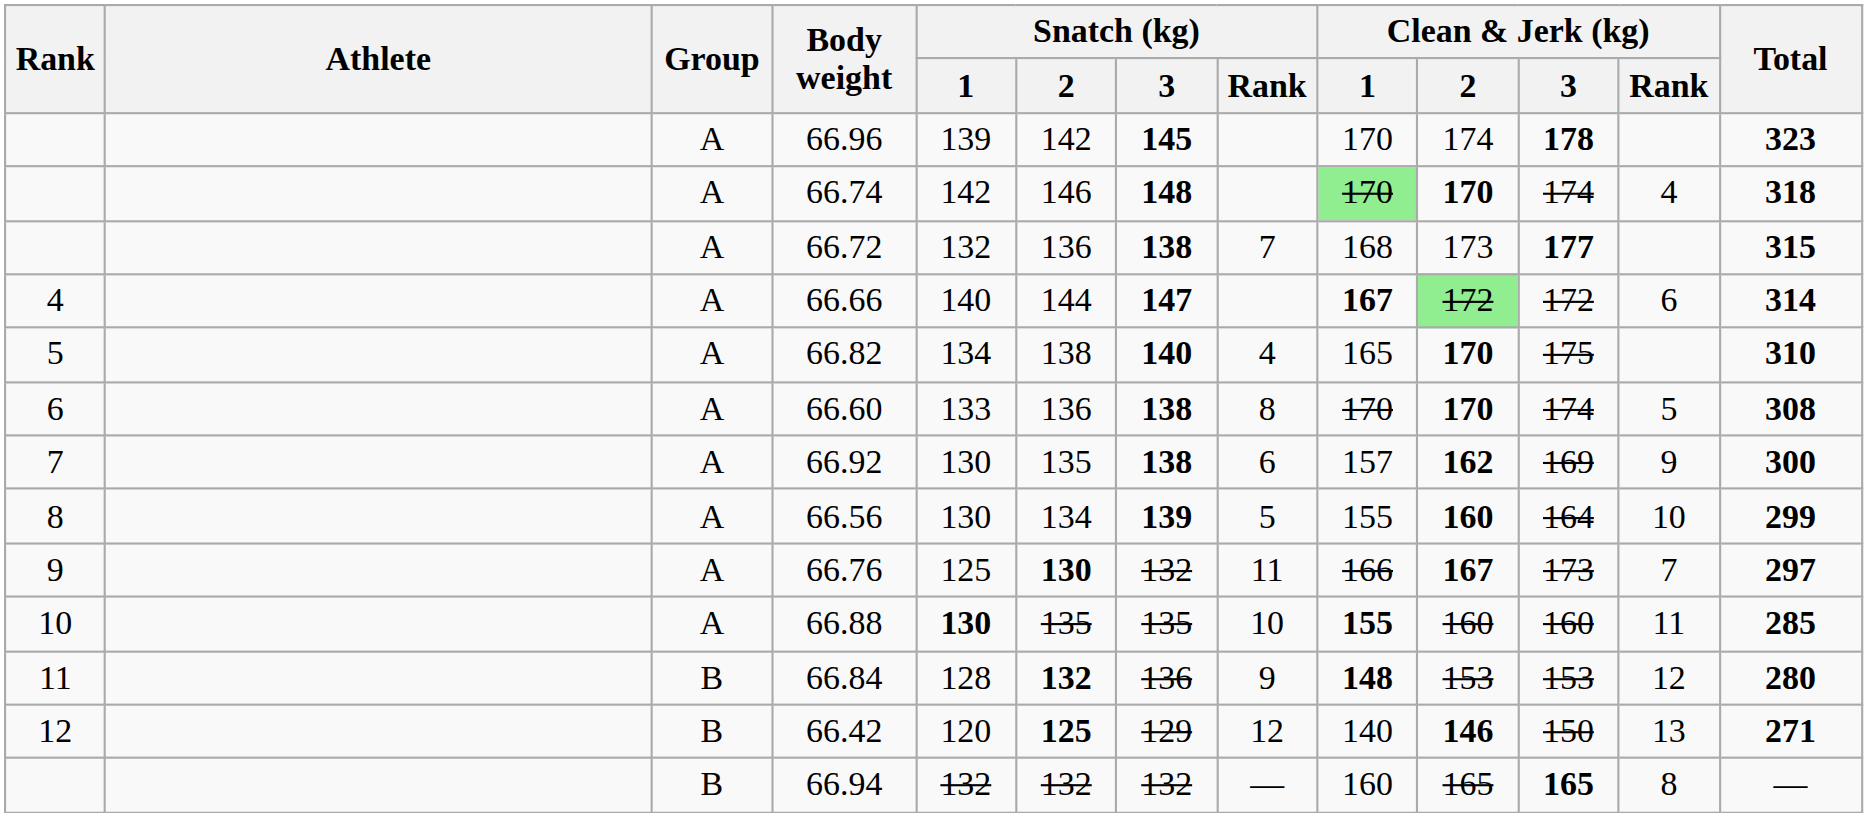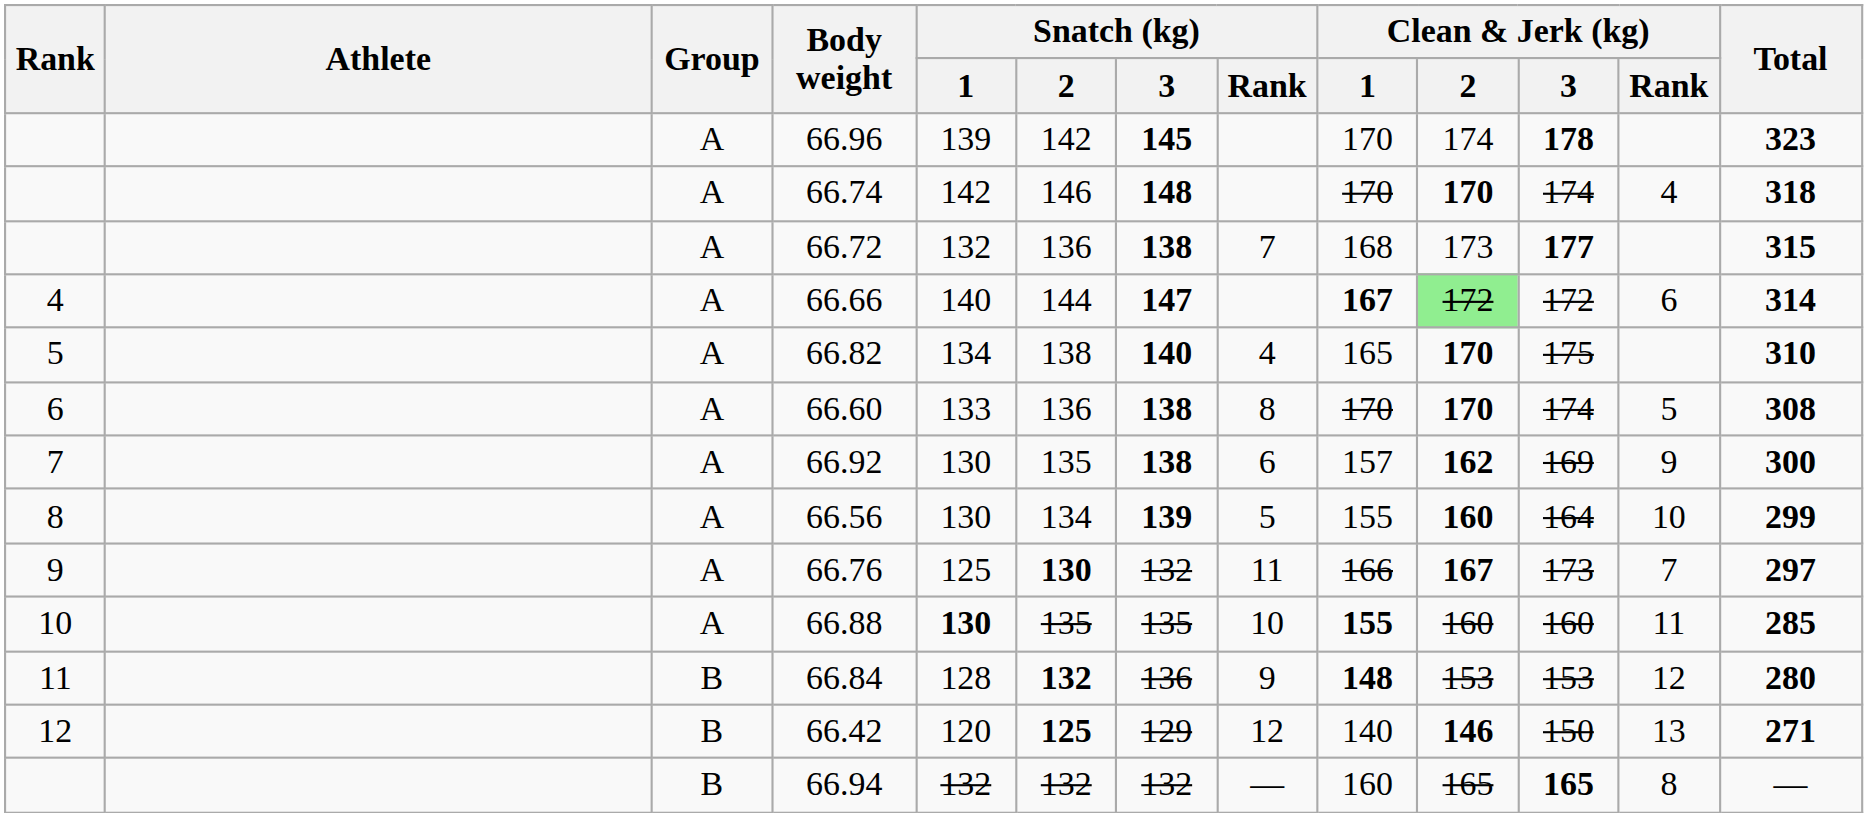 <table class = "wikitable" style="text-align:center;">
 <tr>
 <th rowspan=2 width=40>Rank</th>
 <th rowspan=2 width=250>Athlete</th>
 <th rowspan=2 width=50>Group</th>
 <th rowspan=2 width=60>Body weight</th>
 <th colspan=4>Snatch (kg)</th>
 <th colspan=4>Clean & Jerk (kg)</th>
 <th rowspan=2 width=60>Total</th>
 </tr>
 <tr>
 <th width=40>1</th>
 <th width=40>2</th>
 <th width=40>3</th>
 <th width=40>Rank</th>
 <th width=40>1</th>
 <th width=40>2</th>
 <th width=40>3</th>
 <th width=40>Rank</th>
 </tr>
 <tr>
 <td></td>
 <td align=left></td>
 <td>A</td>
 <td>66.96</td>
 <td>139</td>
 <td>142</td>
 <td><strong>145</strong></td>
 <td></td>
 <td>170</td>
 <td>174</td>
 <td><strong>178</strong></td>
 <td></td>
 <td><strong>323</strong></td>
 </tr>
 <tr>
 <td></td>
 <td align=left></td>
 <td>A</td>
 <td>66.74</td>
 <td>142</td>
 <td>146</td>
 <td><strong>148</strong></td>
 <td></td>
-<td style="background: lightgreen;"><s>170</s></td>
+<td><s>170</s></td>
 <td><strong>170</strong></td>
 <td><s>174</s></td>
 <td>4</td>
 <td><strong>318</strong></td>
 </tr>
 <tr>
 <td></td>
 <td align=left></td>
 <td>A</td>
 <td>66.72</td>
 <td>132</td>
 <td>136</td>
 <td><strong>138</strong></td>
 <td>7</td>
 <td>168</td>
 <td>173</td>
 <td><strong>177</strong></td>
 <td></td>
 <td><strong>315</strong></td>
 </tr>
 <tr>
 <td>4</td>
 <td align=left></td>
 <td>A</td>
 <td>66.66</td>
 <td>140</td>
 <td>144</td>
 <td><strong>147</strong></td>
 <td></td>
 <td><strong>167</strong></td>
 <td style="background: lightgreen;"><s>172</s></td>
 <td><s>172</s></td>
 <td>6</td>
 <td><strong>314</strong></td>
 </tr>
 <tr>
 <td>5</td>
 <td align=left></td>
 <td>A</td>
 <td>66.82</td>
 <td>134</td>
 <td>138</td>
 <td><strong>140</strong></td>
 <td>4</td>
 <td>165</td>
 <td><strong>170</strong></td>
 <td><s>175</s></td>
 <td></td>
 <td><strong>310</strong></td>
 </tr>
 <tr>
 <td>6</td>
 <td align=left></td>
 <td>A</td>
 <td>66.60</td>
 <td>133</td>
 <td>136</td>
 <td><strong>138</strong></td>
 <td>8</td>
 <td><s>170</s></td>
 <td><strong>170</strong></td>
 <td><s>174</s></td>
 <td>5</td>
 <td><strong>308</strong></td>
 </tr>
 <tr>
 <td>7</td>
 <td align=left></td>
 <td>A</td>
 <td>66.92</td>
 <td>130</td>
 <td>135</td>
 <td><strong>138</strong></td>
 <td>6</td>
 <td>157</td>
 <td><strong>162</strong></td>
 <td><s>169</s></td>
 <td>9</td>
 <td><strong>300</strong></td>
 </tr>
 <tr>
 <td>8</td>
 <td align=left></td>
 <td>A</td>
 <td>66.56</td>
 <td>130</td>
 <td>134</td>
 <td><strong>139</strong></td>
 <td>5</td>
 <td>155</td>
 <td><strong>160</strong></td>
 <td><s>164</s></td>
 <td>10</td>
 <td><strong>299</strong></td>
 </tr>
 <tr>
 <td>9</td>
 <td align=left></td>
 <td>A</td>
 <td>66.76</td>
 <td>125</td>
 <td><strong>130</strong></td>
 <td><s>132</s></td>
 <td>11</td>
 <td><s>166</s></td>
 <td><strong>167</strong></td>
 <td><s>173</s></td>
 <td>7</td>
 <td><strong>297</strong></td>
 </tr>
 <tr>
 <td>10</td>
 <td align=left></td>
 <td>A</td>
 <td>66.88</td>
 <td><strong>130</strong></td>
 <td><s>135</s></td>
 <td><s>135</s></td>
 <td>10</td>
 <td><strong>155</strong></td>
 <td><s>160</s></td>
 <td><s>160</s></td>
 <td>11</td>
 <td><strong>285</strong></td>
 </tr>
 <tr>
 <td>11</td>
 <td align=left></td>
 <td>B</td>
 <td>66.84</td>
 <td>128</td>
 <td><strong>132</strong></td>
 <td><s>136</s></td>
 <td>9</td>
 <td><strong>148</strong></td>
 <td><s>153</s></td>
 <td><s>153</s></td>
 <td>12</td>
 <td><strong>280</strong></td>
 </tr>
 <tr>
 <td>12</td>
 <td align=left></td>
 <td>B</td>
 <td>66.42</td>
 <td>120</td>
 <td><strong>125</strong></td>
 <td><s>129</s></td>
 <td>12</td>
 <td>140</td>
 <td><strong>146</strong></td>
 <td><s>150</s></td>
 <td>13</td>
 <td><strong>271</strong></td>
 </tr>
 <tr>
 <td></td>
 <td align=left></td>
 <td>B</td>
 <td>66.94</td>
 <td><s>132</s></td>
 <td><s>132</s></td>
 <td><s>132</s></td>
 <td>—</td>
 <td>160</td>
 <td><s>165</s></td>
 <td><strong>165</strong></td>
 <td>8</td>
 <td>—</td>
 </tr>
 </table>
